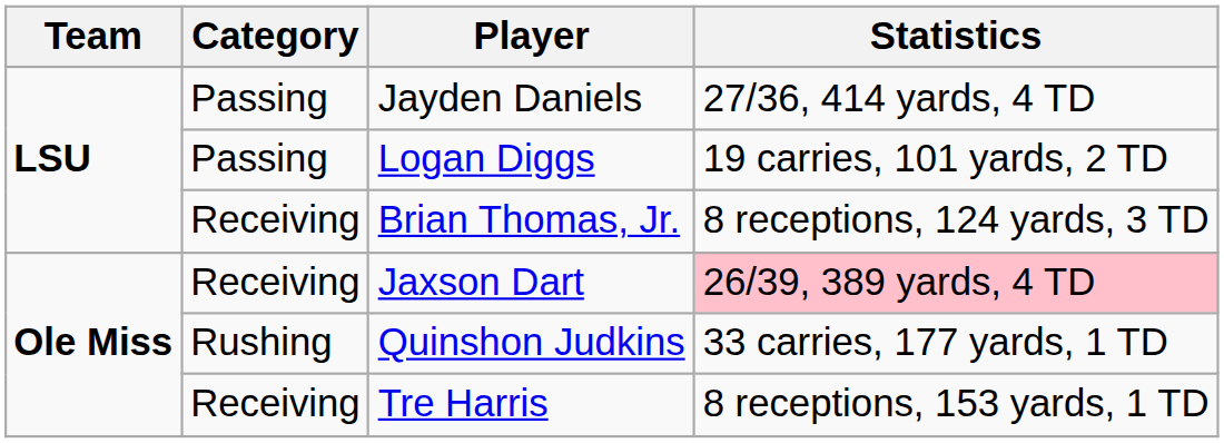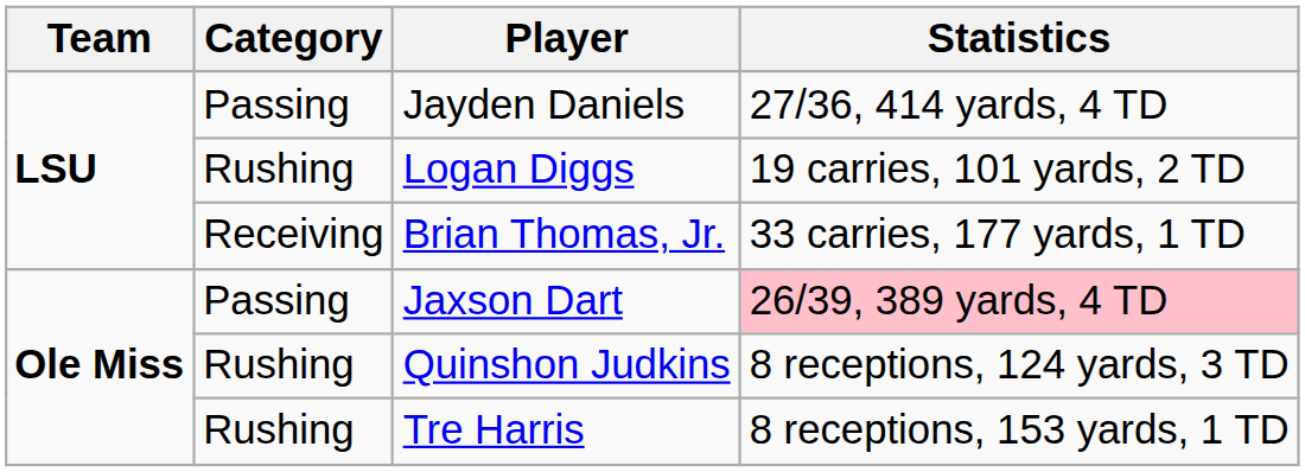 <table class="wikitable" style="float: right;">
 <tr>
 <th>Team</th>
 <th>Category</th>
 <th>Player</th>
 <th>Statistics</th>
 </tr>
 <tr>
 <td rowspan=3><strong>LSU</strong></td>
 <td>Passing</td>
 <td>Jayden Daniels</td>
 <td>27/36, 414 yards, 4 TD</td>
 </tr>
 <tr>
-<td>Passing</td>
+<td>Rushing</td>
 <td><a href='#'>Logan Diggs</a></td>
 <td>19 carries, 101 yards, 2 TD</td>
 </tr>
 <tr>
 <td>Receiving</td>
 <td><a href='#'>Brian Thomas, Jr.</a></td>
-<td>8 receptions, 124 yards, 3 TD</td>
+<td>33 carries, 177 yards, 1 TD</td>
 </tr>
 <tr>
 <td rowspan=3><strong>Ole Miss</strong></td>
-<td>Receiving</td>
+<td>Passing</td>
 <td><a href='#'>Jaxson Dart</a></td>
 <td style="background: pink;">26/39, 389 yards, 4 TD</td>
 </tr>
 <tr>
 <td>Rushing</td>
 <td><a href='#'>Quinshon Judkins</a></td>
-<td>33 carries, 177 yards, 1 TD</td>
+<td>8 receptions, 124 yards, 3 TD</td>
 </tr>
 <tr>
-<td>Receiving</td>
+<td>Rushing</td>
 <td><a href='#'>Tre Harris</a></td>
 <td>8 receptions, 153 yards, 1 TD</td>
 </tr>
 </table>
